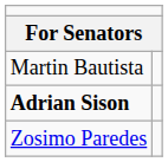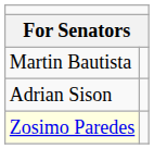 <table class=wikitable style="font-size:90%">
 <tr>
 <td colspan=4 bgcolor=></td>
 </tr>
 <tr>
 <th colspan=5>For Senators</th>
 </tr>
 <tr>
 <td>Martin Bautista</td>
 <td></td>
 </tr>
 <tr>
-<td><strong>Adrian Sison</strong></td>
+<td>Adrian Sison</td>
 <td></td>
 </tr>
 <tr>
-<td><a href='#'>Zosimo Paredes</a></td>
+<td style="background: lightyellow;"><a href='#'>Zosimo Paredes</a></td>
 <td></td>
 </tr>
 </table>
